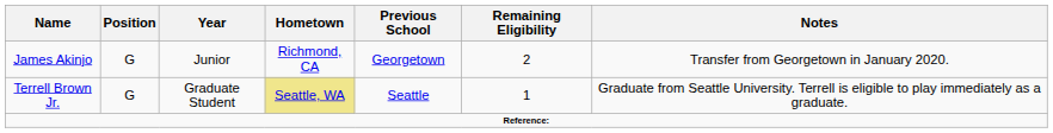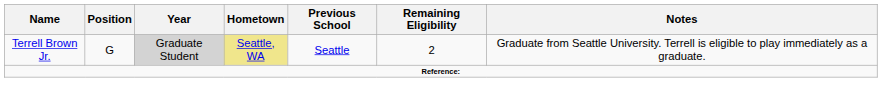 <table class="wikitable" style="text-align: center">
 <tr align=center>
 <th>Name</th>
 <th>Position</th>
 <th>Year</th>
 <th>Hometown</th>
 <th>Previous School</th>
 <th>Remaining Eligibility</th>
 <th>Notes</th>
 </tr>
 <tr>
-<td><a href='#'>James Akinjo</a></td>
-<td>G</td>
-<td>Junior</td>
-<td><a href='#'>Richmond, CA</a></td>
-<td><a href='#'>Georgetown</a></td>
-<td>2</td>
-<td>Transfer from Georgetown in January 2020.</td>
-</tr>
-<tr>
 <td><a href='#'>Terrell Brown Jr.</a></td>
 <td>G</td>
-<td>Graduate Student</td>
+<td style="background: lightgrey;">Graduate Student</td>
 <td style="background: khaki;"><a href='#'>Seattle, WA</a></td>
 <td><a href='#'>Seattle</a></td>
-<td>1</td>
+<td>2</td>
 <td>Graduate from Seattle University. Terrell is eligible to play immediately as a graduate.</td>
 </tr>
 <tr>
 <td colspan="7" style="font-size:8pt; text-align:center;"><strong>Reference:</strong></td>
 </tr>
 </table>
